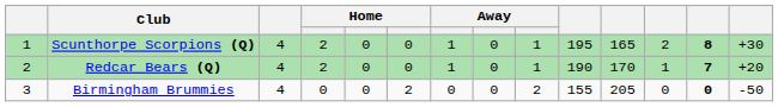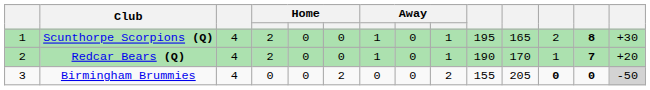 <table class="wikitable" style="text-align:center; font-size:85%">
 <tr>
 <th rowspan="2" style="width:28px;"></th>
 <th rowspan=2>Club</th>
 <th rowspan="2" style="width:28px;"></th>
 <th colspan=3>Home</th>
 <th colspan=3>Away</th>
 <th rowspan="2" style="width:28px;"></th>
 <th rowspan="2" style="width:28px;"></th>
 <th rowspan="2" style="width:28px;"></th>
 <th rowspan="2" style="width:28px;"></th>
 <th rowspan="2" style="width:28px;"></th>
 </tr>
 <tr>
 <th width=28></th>
 <th width=28></th>
 <th width=28></th>
 <th width=28></th>
 <th width=28></th>
 <th width=28></th>
 </tr>
 <tr style="background:#ACE1AF;">
 <td align="center">1</td>
 <td><a href='#'>Scunthorpe Scorpions</a> <strong>(Q)</strong></td>
 <td align="center">4</td>
 <td align="center">2</td>
 <td align="center">0</td>
 <td align="center">0</td>
 <td align="center">1</td>
 <td align="center">0</td>
 <td align="center">1</td>
 <td align="center">195</td>
 <td align="center">165</td>
 <td align="center">2</td>
 <td align="center"><strong>8</strong></td>
 <td align="center">+30</td>
 </tr>
 <tr style="background:#ACE1AF;">
 <td align="center">2</td>
 <td><a href='#'>Redcar Bears</a>  <strong>(Q)</strong></td>
 <td align="center">4</td>
 <td align="center">2</td>
 <td align="center">0</td>
 <td align="center">0</td>
 <td align="center">1</td>
 <td align="center">0</td>
 <td align="center">1</td>
 <td align="center">190</td>
 <td align="center">170</td>
 <td align="center">1</td>
 <td align="center"><strong>7</strong></td>
 <td align="center">+20</td>
 </tr>
 <tr>
 <td align="center">3</td>
 <td><a href='#'>Birmingham Brummies</a></td>
 <td align="center">4</td>
 <td align="center">0</td>
 <td align="center">0</td>
 <td align="center">2</td>
 <td align="center">0</td>
 <td align="center">0</td>
 <td align="center">2</td>
 <td align="center">155</td>
 <td align="center">205</td>
-<td align="center">0</td>
 <td align="center"><strong>0</strong></td>
-<td align="center">-50</td>
+<td align="center"><strong>0</strong></td>
+<td align="center" style="background: lightgrey;">-50</td>
 </tr>
 </table>
